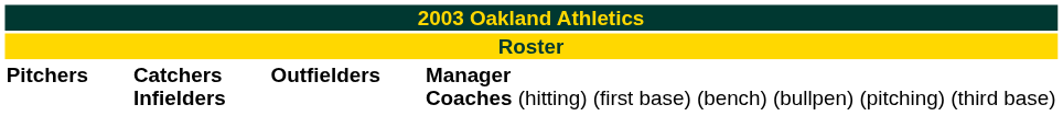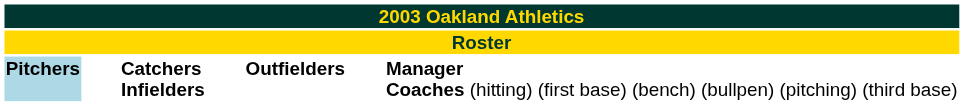 <table class="toccolours" style="font-size: 95%;">
 <tr>
 <th colspan="10" style="background-color: #003831; color: #FFD800; text-align: center;">2003 Oakland Athletics</th>
 </tr>
 <tr>
 <td colspan="10" style="background-color: #FFD800; color: #003831; text-align: center;"><strong>Roster</strong></td>
 </tr>
 <tr>
-<td valign="top"><strong>Pitchers</strong><br>                 </td>
+<td valign="top" style="background: lightblue;"><strong>Pitchers</strong><br>                 </td>
 <td width="25px"></td>
 <td valign="top"><strong>Catchers</strong><br>   <strong>Infielders</strong>         </td>
 <td width="25px"></td>
 <td valign="top"><strong>Outfielders</strong><br>          </td>
 <td width="25px"></td>
 <td valign="top"><strong>Manager</strong><br> <strong>Coaches</strong>  (hitting)  (first base)  (bench)  (bullpen)  (pitching)  (third base)</td>
 </tr>
 </table>
